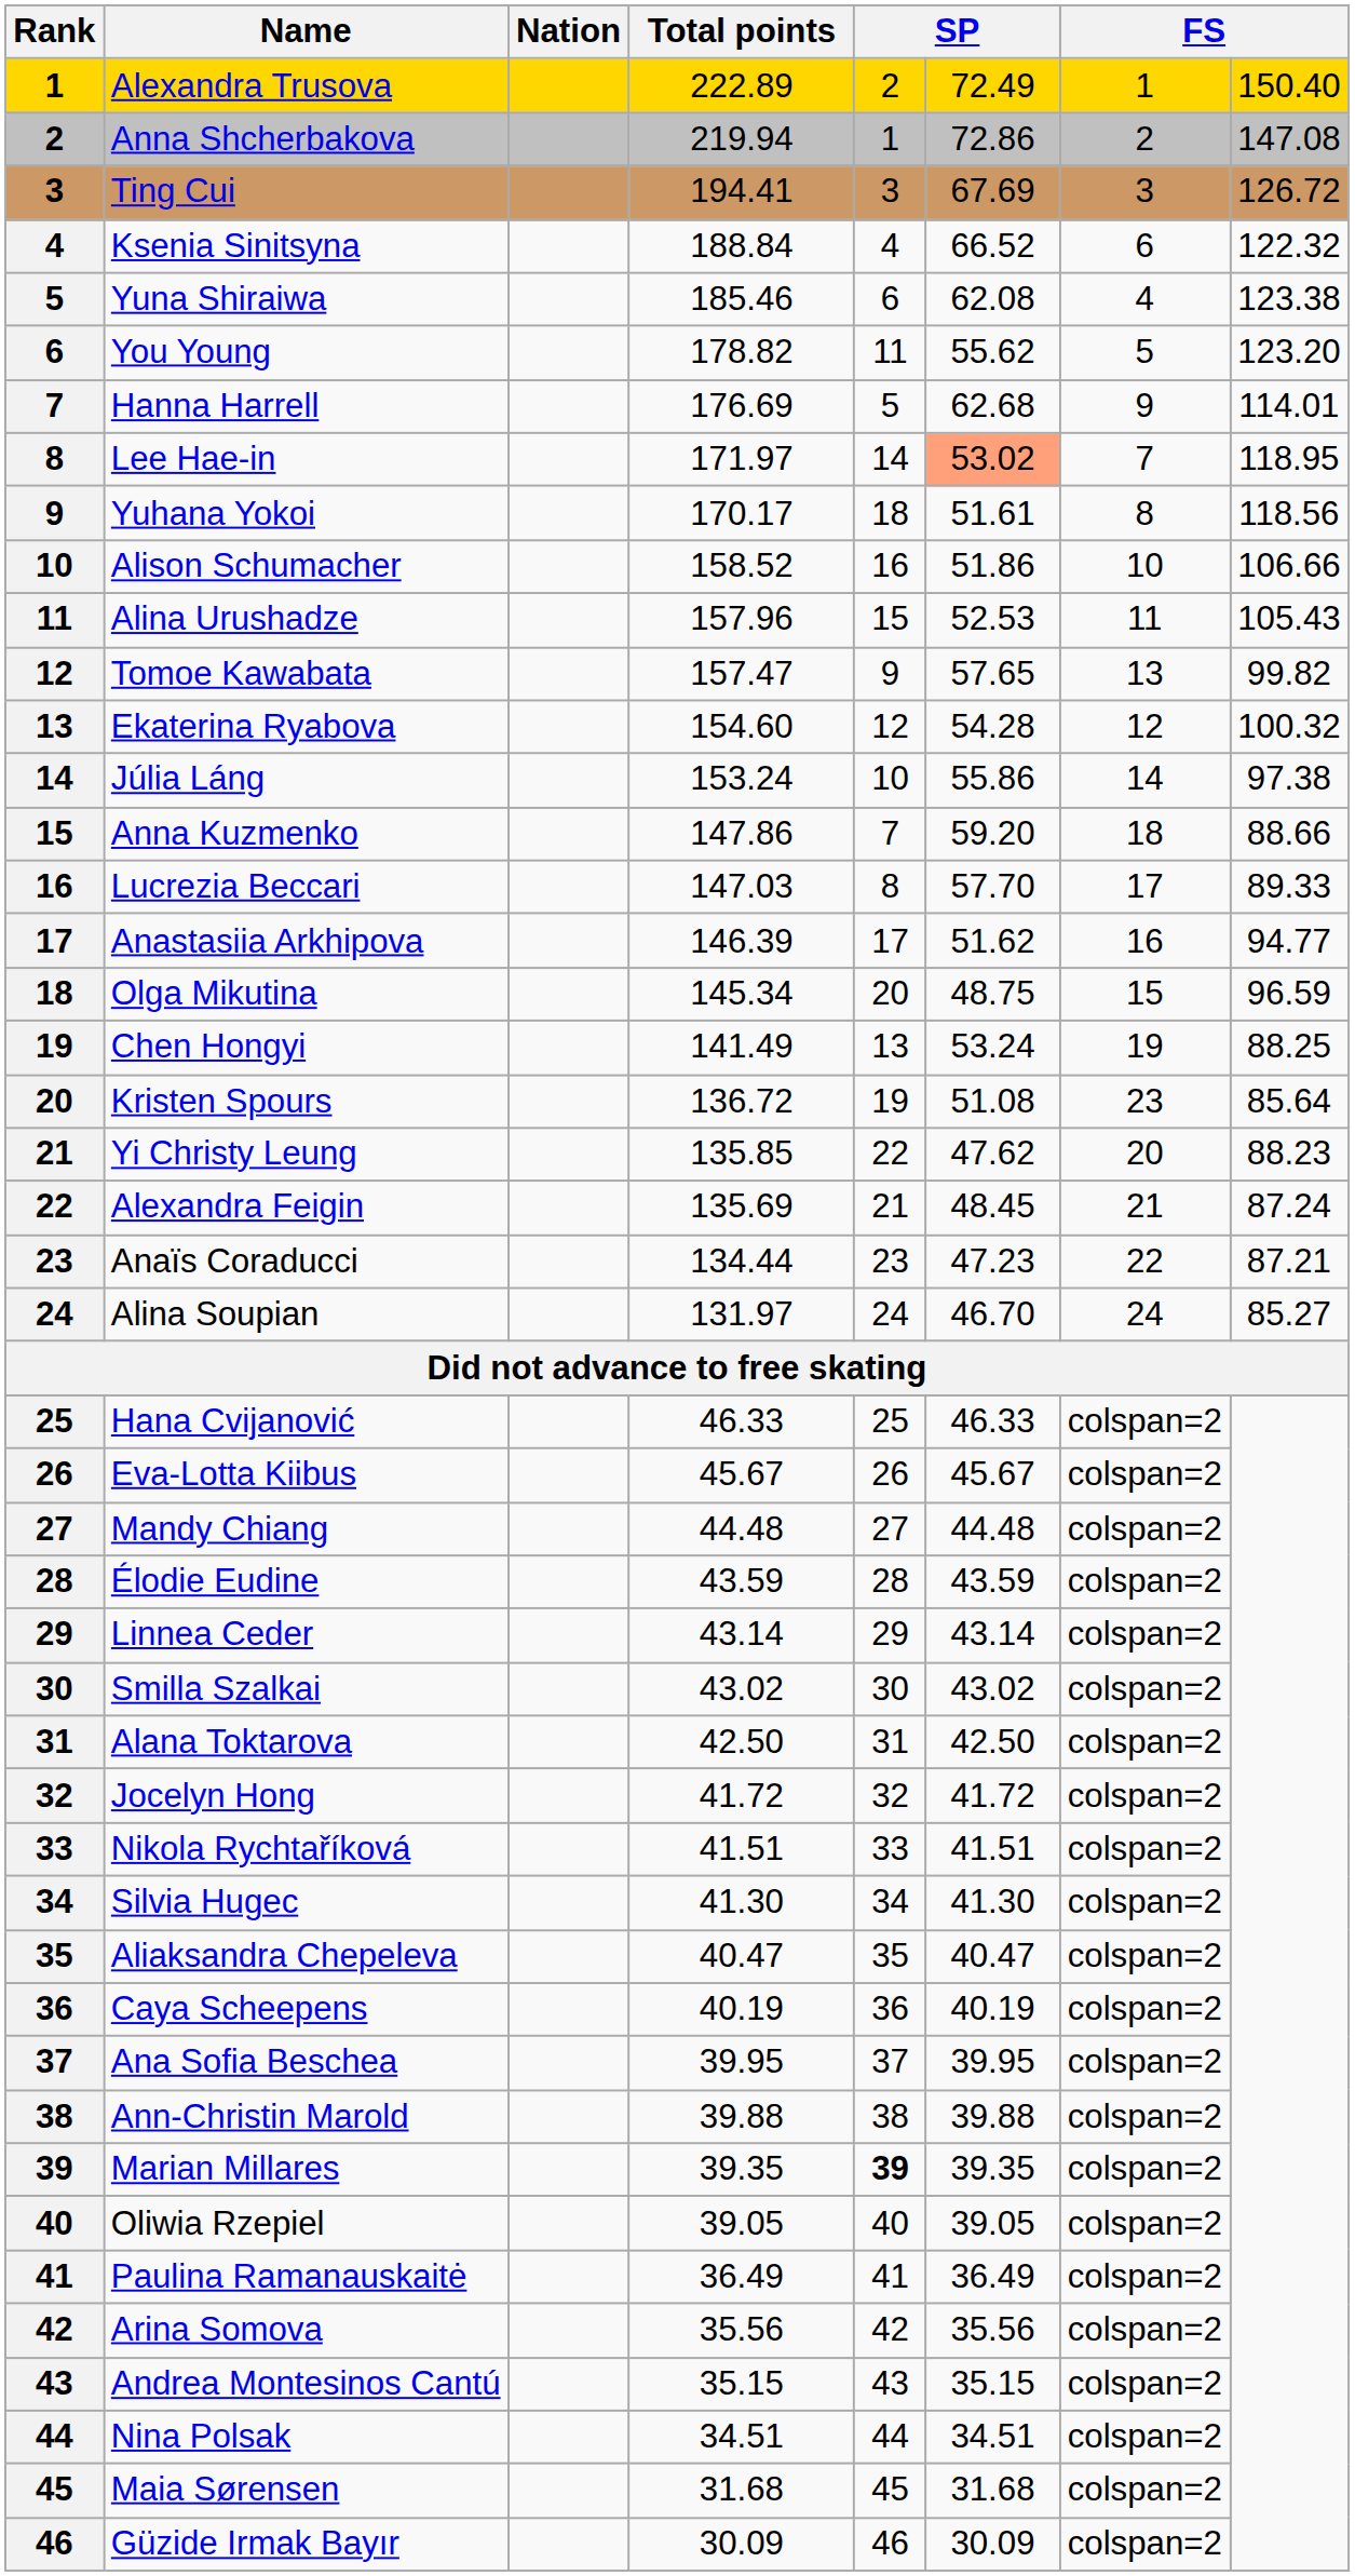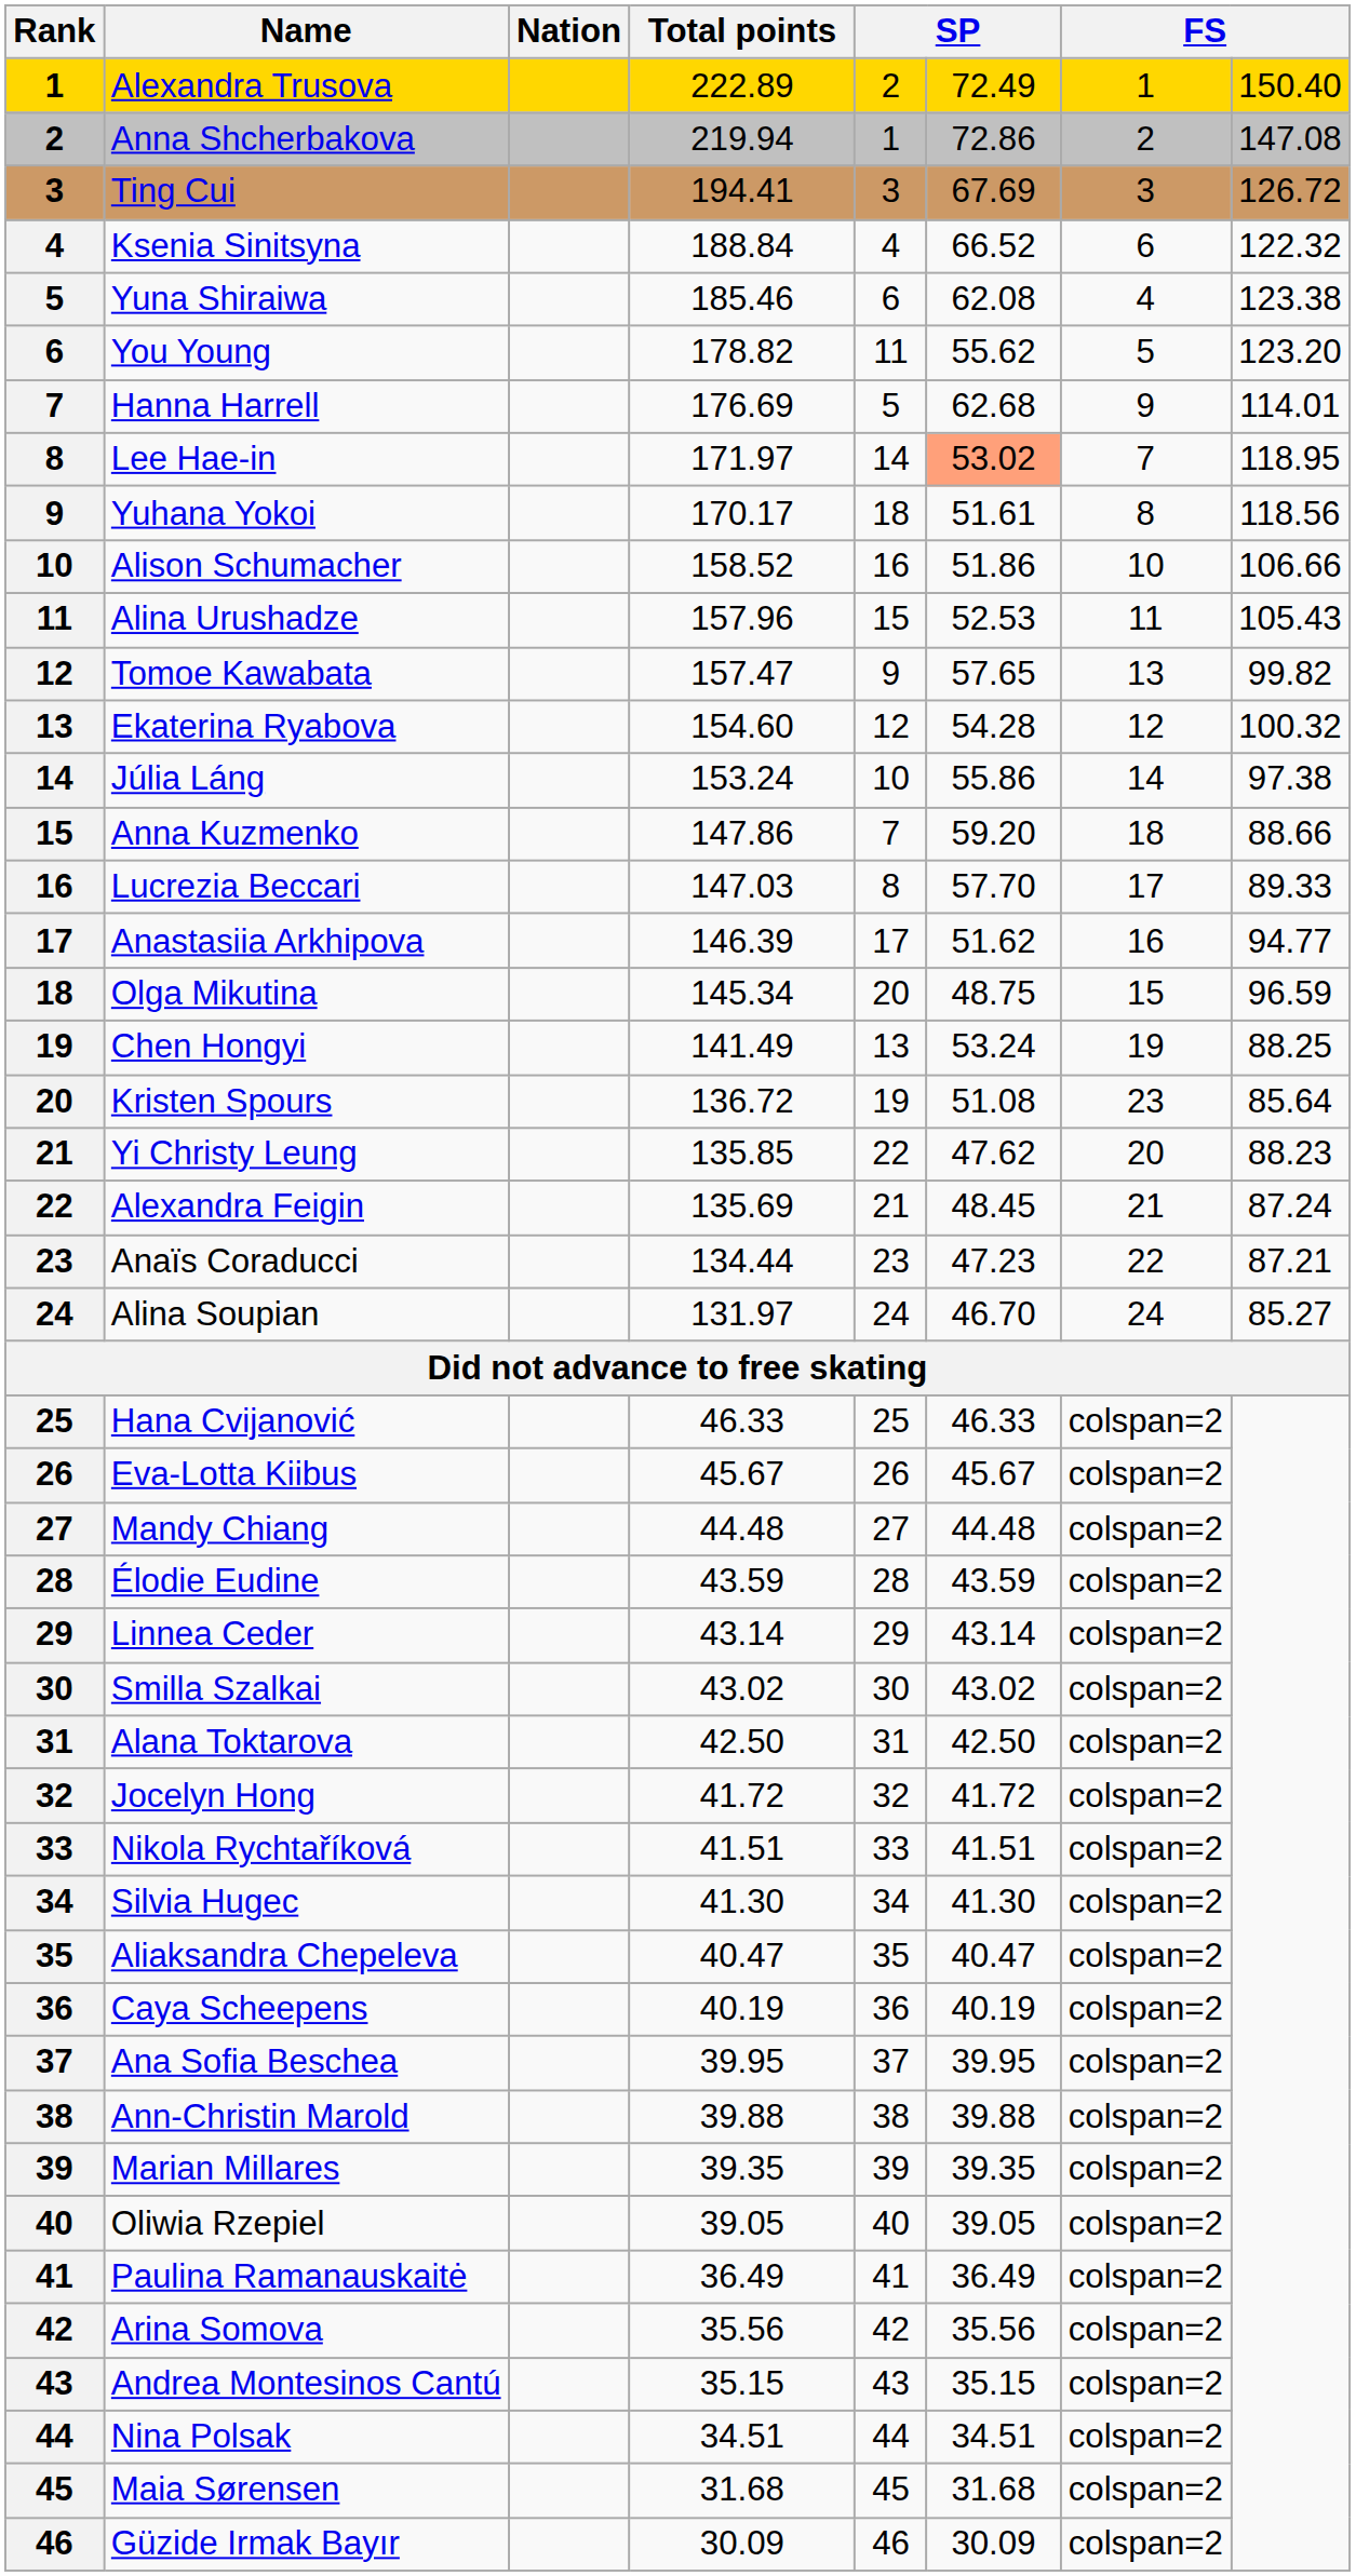 <table class="wikitable sortable">
 <tr>
 <th>Rank</th>
 <th>Name</th>
 <th>Nation</th>
 <th width="100px">Total points</th>
 <th colspan="2" width="90px"><a href='#'>SP</a></th>
 <th colspan="2" width="90px"><a href='#'>FS</a></th>
 </tr>
 <tr bgcolor="gold">
 <td align="center" bgcolor="gold"><strong>1</strong></td>
 <td><a href='#'>Alexandra Trusova</a></td>
 <td></td>
 <td align="center">222.89</td>
 <td align="center">2</td>
 <td align="center">72.49</td>
 <td align="center">1</td>
 <td align="center">150.40</td>
 </tr>
 <tr bgcolor="silver">
 <td align="center" bgcolor="silver"><strong>2</strong></td>
 <td><a href='#'>Anna Shcherbakova</a></td>
 <td></td>
 <td align="center">219.94</td>
 <td align="center">1</td>
 <td align="center">72.86</td>
 <td align="center">2</td>
 <td align="center">147.08</td>
 </tr>
 <tr bgcolor="#cc9966">
 <td align="center" bgcolor="#cc9966"><strong>3</strong></td>
 <td><a href='#'>Ting Cui</a></td>
 <td></td>
 <td align="center">194.41</td>
 <td align="center">3</td>
 <td align="center">67.69</td>
 <td align="center">3</td>
 <td align="center">126.72</td>
 </tr>
 <tr>
 <th>4</th>
 <td><a href='#'>Ksenia Sinitsyna</a></td>
 <td></td>
 <td align="center">188.84</td>
 <td align="center">4</td>
 <td align="center">66.52</td>
 <td align="center">6</td>
 <td align="center">122.32</td>
 </tr>
 <tr>
 <th>5</th>
 <td><a href='#'>Yuna Shiraiwa</a></td>
 <td></td>
 <td align="center">185.46</td>
 <td align="center">6</td>
 <td align="center">62.08</td>
 <td align="center">4</td>
 <td align="center">123.38</td>
 </tr>
 <tr>
 <th>6</th>
 <td><a href='#'>You Young</a></td>
 <td></td>
 <td align="center">178.82</td>
 <td align="center">11</td>
 <td align="center">55.62</td>
 <td align="center">5</td>
 <td align="center">123.20</td>
 </tr>
 <tr>
 <th>7</th>
 <td><a href='#'>Hanna Harrell</a></td>
 <td></td>
 <td align="center">176.69</td>
 <td align="center">5</td>
 <td align="center">62.68</td>
 <td align="center">9</td>
 <td align="center">114.01</td>
 </tr>
 <tr>
 <th>8</th>
 <td><a href='#'>Lee Hae-in</a></td>
 <td></td>
 <td align="center">171.97</td>
 <td align="center">14</td>
 <td align="center" style="background: lightsalmon;">53.02</td>
 <td align="center">7</td>
 <td align="center">118.95</td>
 </tr>
 <tr>
 <th>9</th>
 <td><a href='#'>Yuhana Yokoi</a></td>
 <td></td>
 <td align="center">170.17</td>
 <td align="center">18</td>
 <td align="center">51.61</td>
 <td align="center">8</td>
 <td align="center">118.56</td>
 </tr>
 <tr>
 <th>10</th>
 <td><a href='#'>Alison Schumacher</a></td>
 <td></td>
 <td align="center">158.52</td>
 <td align="center">16</td>
 <td align="center">51.86</td>
 <td align="center">10</td>
 <td align="center">106.66</td>
 </tr>
 <tr>
 <th>11</th>
 <td><a href='#'>Alina Urushadze</a></td>
 <td></td>
 <td align="center">157.96</td>
 <td align="center">15</td>
 <td align="center">52.53</td>
 <td align="center">11</td>
 <td align="center">105.43</td>
 </tr>
 <tr>
 <th>12</th>
 <td><a href='#'>Tomoe Kawabata</a></td>
 <td></td>
 <td align="center">157.47</td>
 <td align="center">9</td>
 <td align="center">57.65</td>
 <td align="center">13</td>
 <td align="center">99.82</td>
 </tr>
 <tr>
 <th>13</th>
 <td><a href='#'>Ekaterina Ryabova</a></td>
 <td></td>
 <td align="center">154.60</td>
 <td align="center">12</td>
 <td align="center">54.28</td>
 <td align="center">12</td>
 <td align="center">100.32</td>
 </tr>
 <tr>
 <th>14</th>
 <td><a href='#'>Júlia Láng</a></td>
 <td></td>
 <td align="center">153.24</td>
 <td align="center">10</td>
 <td align="center">55.86</td>
 <td align="center">14</td>
 <td align="center">97.38</td>
 </tr>
 <tr>
 <th>15</th>
 <td><a href='#'>Anna Kuzmenko</a></td>
 <td></td>
 <td align="center">147.86</td>
 <td align="center">7</td>
 <td align="center">59.20</td>
 <td align="center">18</td>
 <td align="center">88.66</td>
 </tr>
 <tr>
 <th>16</th>
 <td><a href='#'>Lucrezia Beccari</a></td>
 <td></td>
 <td align="center">147.03</td>
 <td align="center">8</td>
 <td align="center">57.70</td>
 <td align="center">17</td>
 <td align="center">89.33</td>
 </tr>
 <tr>
 <th>17</th>
 <td><a href='#'>Anastasiia Arkhipova</a></td>
 <td></td>
 <td align="center">146.39</td>
 <td align="center">17</td>
 <td align="center">51.62</td>
 <td align="center">16</td>
 <td align="center">94.77</td>
 </tr>
 <tr>
 <th>18</th>
 <td><a href='#'>Olga Mikutina</a></td>
 <td></td>
 <td align="center">145.34</td>
 <td align="center">20</td>
 <td align="center">48.75</td>
 <td align="center">15</td>
 <td align="center">96.59</td>
 </tr>
 <tr>
 <th>19</th>
 <td><a href='#'>Chen Hongyi</a></td>
 <td></td>
 <td align="center">141.49</td>
 <td align="center">13</td>
 <td align="center">53.24</td>
 <td align="center">19</td>
 <td align="center">88.25</td>
 </tr>
 <tr>
 <th>20</th>
 <td><a href='#'>Kristen Spours</a></td>
 <td></td>
 <td align="center">136.72</td>
 <td align="center">19</td>
 <td align="center">51.08</td>
 <td align="center">23</td>
 <td align="center">85.64</td>
 </tr>
 <tr>
 <th>21</th>
 <td><a href='#'>Yi Christy Leung</a></td>
 <td></td>
 <td align="center">135.85</td>
 <td align="center">22</td>
 <td align="center">47.62</td>
 <td align="center">20</td>
 <td align="center">88.23</td>
 </tr>
 <tr>
 <th>22</th>
 <td><a href='#'>Alexandra Feigin</a></td>
 <td></td>
 <td align="center">135.69</td>
 <td align="center">21</td>
 <td align="center">48.45</td>
 <td align="center">21</td>
 <td align="center">87.24</td>
 </tr>
 <tr>
 <th>23</th>
 <td>Anaïs Coraducci</td>
 <td></td>
 <td align="center">134.44</td>
 <td align="center">23</td>
 <td align="center">47.23</td>
 <td align="center">22</td>
 <td align="center">87.21</td>
 </tr>
 <tr>
 <th>24</th>
 <td>Alina Soupian</td>
 <td></td>
 <td align="center">131.97</td>
 <td align="center">24</td>
 <td align="center">46.70</td>
 <td align="center">24</td>
 <td align="center">85.27</td>
 </tr>
 <tr>
 <th colspan=8>Did not advance to free skating</th>
 </tr>
 <tr>
 <th>25</th>
 <td><a href='#'>Hana Cvijanović</a></td>
 <td></td>
 <td align="center">46.33</td>
 <td align="center">25</td>
 <td align="center">46.33</td>
 <td>colspan=2 </td>
 </tr>
 <tr>
 <th>26</th>
 <td><a href='#'>Eva-Lotta Kiibus</a></td>
 <td></td>
 <td align="center">45.67</td>
 <td align="center">26</td>
 <td align="center">45.67</td>
 <td>colspan=2 </td>
 </tr>
 <tr>
 <th>27</th>
 <td><a href='#'>Mandy Chiang</a></td>
 <td></td>
 <td align="center">44.48</td>
 <td align="center">27</td>
 <td align="center">44.48</td>
 <td>colspan=2 </td>
 </tr>
 <tr>
 <th>28</th>
 <td><a href='#'>Élodie Eudine</a></td>
 <td></td>
 <td align="center">43.59</td>
 <td align="center">28</td>
 <td align="center">43.59</td>
 <td>colspan=2 </td>
 </tr>
 <tr>
 <th>29</th>
 <td><a href='#'>Linnea Ceder</a></td>
 <td></td>
 <td align="center">43.14</td>
 <td align="center">29</td>
 <td align="center">43.14</td>
 <td>colspan=2 </td>
 </tr>
 <tr>
 <th>30</th>
 <td><a href='#'>Smilla Szalkai</a></td>
 <td></td>
 <td align="center">43.02</td>
 <td align="center">30</td>
 <td align="center">43.02</td>
 <td>colspan=2 </td>
 </tr>
 <tr>
 <th>31</th>
 <td><a href='#'>Alana Toktarova</a></td>
 <td></td>
 <td align="center">42.50</td>
 <td align="center">31</td>
 <td align="center">42.50</td>
 <td>colspan=2 </td>
 </tr>
 <tr>
 <th>32</th>
 <td><a href='#'>Jocelyn Hong</a></td>
 <td></td>
 <td align="center">41.72</td>
 <td align="center">32</td>
 <td align="center">41.72</td>
 <td>colspan=2 </td>
 </tr>
 <tr>
 <th>33</th>
 <td><a href='#'>Nikola Rychtaříková</a></td>
 <td></td>
 <td align="center">41.51</td>
 <td align="center">33</td>
 <td align="center">41.51</td>
 <td>colspan=2 </td>
 </tr>
 <tr>
 <th>34</th>
 <td><a href='#'>Silvia Hugec</a></td>
 <td></td>
 <td align="center">41.30</td>
 <td align="center">34</td>
 <td align="center">41.30</td>
 <td>colspan=2 </td>
 </tr>
 <tr>
 <th>35</th>
 <td><a href='#'>Aliaksandra Chepeleva</a></td>
 <td></td>
 <td align="center">40.47</td>
 <td align="center">35</td>
 <td align="center">40.47</td>
 <td>colspan=2 </td>
 </tr>
 <tr>
 <th>36</th>
 <td><a href='#'>Caya Scheepens</a></td>
 <td></td>
 <td align="center">40.19</td>
 <td align="center">36</td>
 <td align="center">40.19</td>
 <td>colspan=2 </td>
 </tr>
 <tr>
 <th>37</th>
 <td><a href='#'>Ana Sofia Beschea</a></td>
 <td></td>
 <td align="center">39.95</td>
 <td align="center">37</td>
 <td align="center">39.95</td>
 <td>colspan=2 </td>
 </tr>
 <tr>
 <th>38</th>
 <td><a href='#'>Ann-Christin Marold</a></td>
 <td></td>
 <td align="center">39.88</td>
 <td align="center">38</td>
 <td align="center">39.88</td>
 <td>colspan=2 </td>
 </tr>
 <tr>
 <th>39</th>
 <td><a href='#'>Marian Millares</a></td>
 <td></td>
 <td align="center">39.35</td>
-<td align="center"><strong>39</strong></td>
+<td align="center">39</td>
 <td align="center">39.35</td>
 <td>colspan=2 </td>
 </tr>
 <tr>
 <th>40</th>
 <td>Oliwia Rzepiel</td>
 <td></td>
 <td align="center">39.05</td>
 <td align="center">40</td>
 <td align="center">39.05</td>
 <td>colspan=2 </td>
 </tr>
 <tr>
 <th>41</th>
 <td><a href='#'>Paulina Ramanauskaitė</a></td>
 <td></td>
 <td align="center">36.49</td>
 <td align="center">41</td>
 <td align="center">36.49</td>
 <td>colspan=2 </td>
 </tr>
 <tr>
 <th>42</th>
 <td><a href='#'>Arina Somova</a></td>
 <td></td>
 <td align="center">35.56</td>
 <td align="center">42</td>
 <td align="center">35.56</td>
 <td>colspan=2 </td>
 </tr>
 <tr>
 <th>43</th>
 <td><a href='#'>Andrea Montesinos Cantú</a></td>
 <td></td>
 <td align="center">35.15</td>
 <td align="center">43</td>
 <td align="center">35.15</td>
 <td>colspan=2 </td>
 </tr>
 <tr>
 <th>44</th>
 <td><a href='#'>Nina Polsak</a></td>
 <td></td>
 <td align="center">34.51</td>
 <td align="center">44</td>
 <td align="center">34.51</td>
 <td>colspan=2 </td>
 </tr>
 <tr>
 <th>45</th>
 <td><a href='#'>Maia Sørensen</a></td>
 <td></td>
 <td align="center">31.68</td>
 <td align="center">45</td>
 <td align="center">31.68</td>
 <td>colspan=2 </td>
 </tr>
 <tr>
 <th>46</th>
 <td><a href='#'>Güzide Irmak Bayır</a></td>
 <td></td>
 <td align="center">30.09</td>
 <td align="center">46</td>
 <td align="center">30.09</td>
 <td>colspan=2 </td>
 </tr>
 </table>
